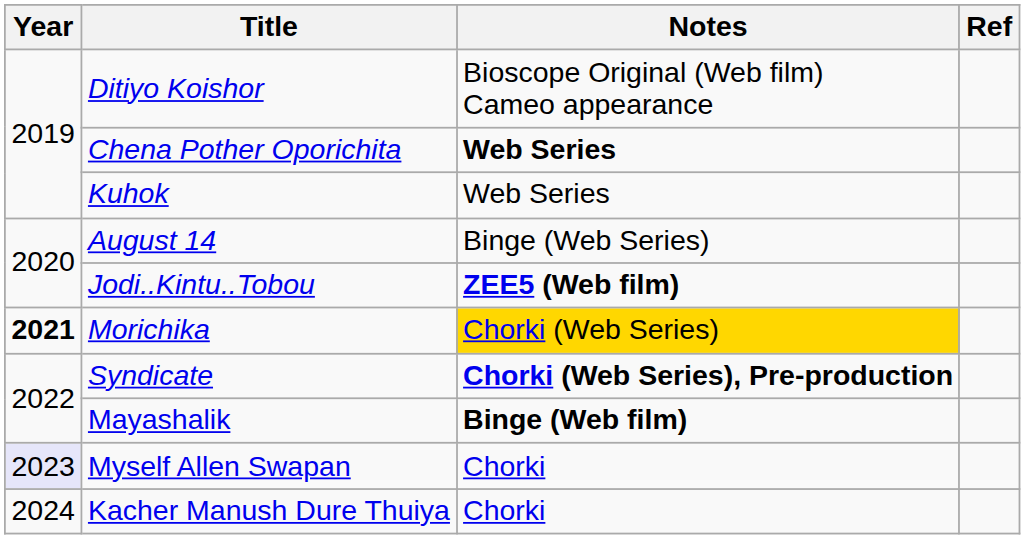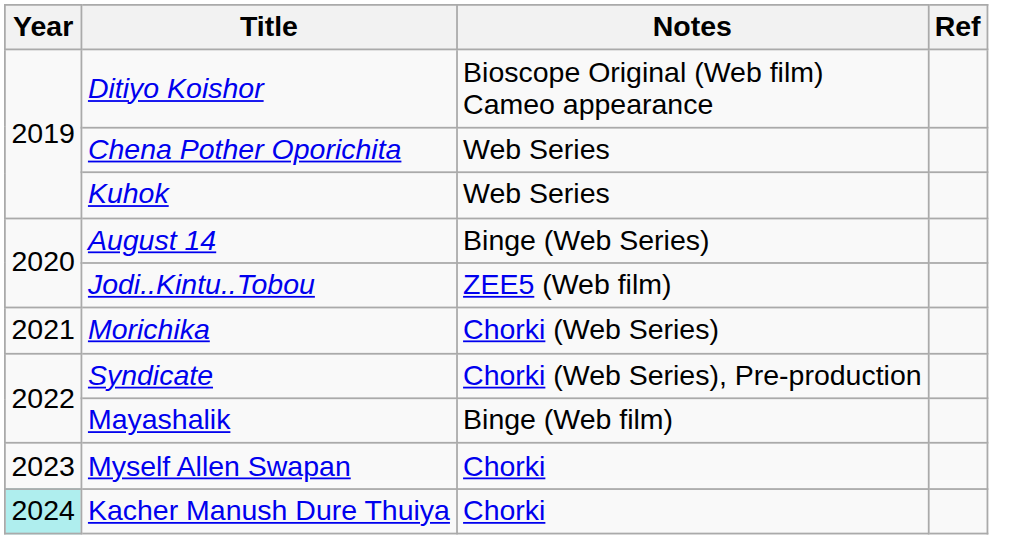 <table class="wikitable sortable">
 <tr>
 <th>Year</th>
 <th>Title</th>
 <th class="unsortable">Notes</th>
 <th class="unsortable">Ref</th>
 </tr>
 <tr>
 <td rowspan="3">2019</td>
 <td><em><a href='#'>Ditiyo Koishor</a></em></td>
 <td>Bioscope Original (Web film) <br> Cameo appearance</td>
 <td></td>
 </tr>
 <tr>
 <td><em><a href='#'>Chena Pother Oporichita</a></em></td>
-<td><strong>Web Series</strong></td>
+<td>Web Series</td>
 <td></td>
 </tr>
 <tr>
 <td><em><a href='#'>Kuhok</a></em></td>
 <td>Web Series</td>
 <td></td>
 </tr>
 <tr>
 <td rowspan="2">2020</td>
 <td><em><a href='#'>August 14</a></em></td>
 <td>Binge (Web Series)</td>
 <td></td>
 </tr>
 <tr>
 <td><em><a href='#'>Jodi..Kintu..Tobou</a></em></td>
-<td><strong><a href='#'>ZEE5</a> (Web film)</strong></td>
+<td><a href='#'>ZEE5</a> (Web film)</td>
 <td></td>
 </tr>
 <tr>
-<td rowspan="1"><strong>2021</strong></td>
+<td rowspan="1">2021</td>
 <td><em><a href='#'>Morichika</a></em></td>
-<td style="background: gold;"><a href='#'>Chorki</a> (Web Series)</td>
+<td><a href='#'>Chorki</a> (Web Series)</td>
 <td></td>
 </tr>
 <tr>
 <td rowspan="2">2022</td>
 <td><em><a href='#'>Syndicate</a></em></td>
-<td><strong><a href='#'>Chorki</a> (Web Series), Pre-production</strong></td>
+<td><a href='#'>Chorki</a> (Web Series), Pre-production</td>
 <td></td>
 </tr>
 <tr>
 <td><a href='#'>Mayashalik</a></td>
-<td><strong>Binge (Web film)</strong></td>
+<td>Binge (Web film)</td>
 <td></td>
 </tr>
 <tr>
-<td style="background: lavender;">2023</td>
+<td>2023</td>
 <td><a href='#'>Myself Allen Swapan</a></td>
 <td><a href='#'>Chorki</a></td>
 <td></td>
 </tr>
 <tr>
-<td>2024</td>
+<td style="background: paleturquoise;">2024</td>
 <td><a href='#'>Kacher Manush Dure Thuiya</a></td>
 <td><a href='#'>Chorki</a></td>
 <td></td>
 </tr>
 </table>
